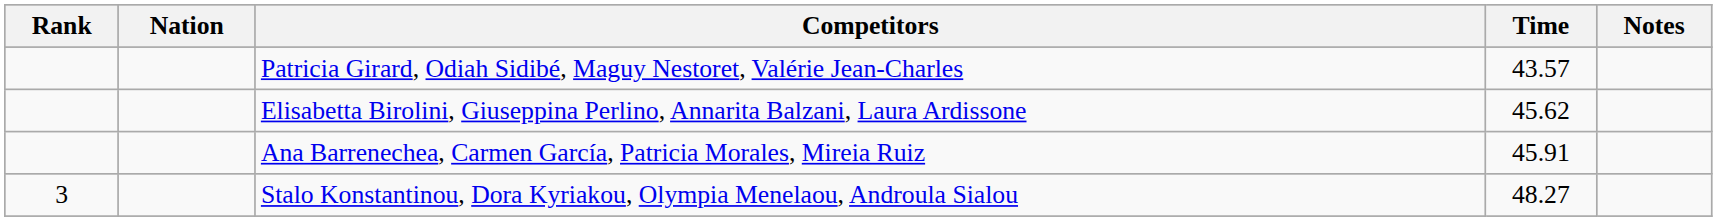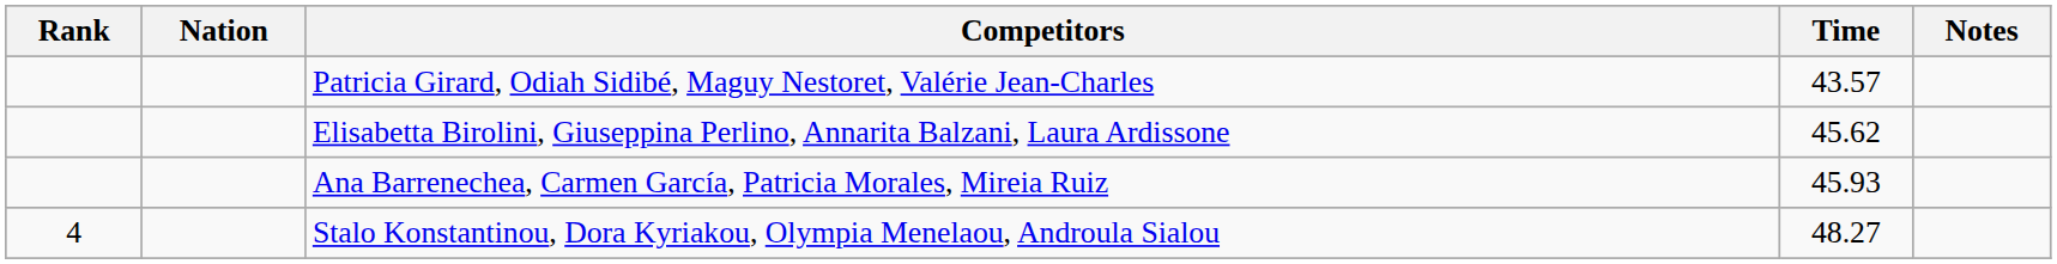 <table class="wikitable sortable" width=80% style="text-align:center; font-size:95%">
 <tr>
 <th>Rank</th>
 <th>Nation</th>
 <th>Competitors</th>
 <th>Time</th>
 <th>Notes</th>
 </tr>
 <tr>
 <td></td>
 <td align=left></td>
 <td align=left><a href='#'>Patricia Girard</a>, <a href='#'>Odiah Sidibé</a>, <a href='#'>Maguy Nestoret</a>, <a href='#'>Valérie Jean-Charles</a></td>
 <td>43.57</td>
 <td></td>
 </tr>
 <tr>
 <td></td>
 <td align=left></td>
 <td align=left><a href='#'>Elisabetta Birolini</a>, <a href='#'>Giuseppina Perlino</a>, <a href='#'>Annarita Balzani</a>, <a href='#'>Laura Ardissone</a></td>
 <td>45.62</td>
 <td></td>
 </tr>
 <tr>
 <td></td>
 <td align=left></td>
 <td align=left><a href='#'>Ana Barrenechea</a>, <a href='#'>Carmen García</a>, <a href='#'>Patricia Morales</a>, <a href='#'>Mireia Ruiz</a></td>
-<td>45.91</td>
+<td>45.93</td>
 <td></td>
 </tr>
 <tr>
-<td>3</td>
+<td>4</td>
 <td align=left></td>
 <td align=left><a href='#'>Stalo Konstantinou</a>, <a href='#'>Dora Kyriakou</a>, <a href='#'>Olympia Menelaou</a>, <a href='#'>Androula Sialou</a></td>
 <td>48.27</td>
 <td></td>
 </tr>
 </table>
